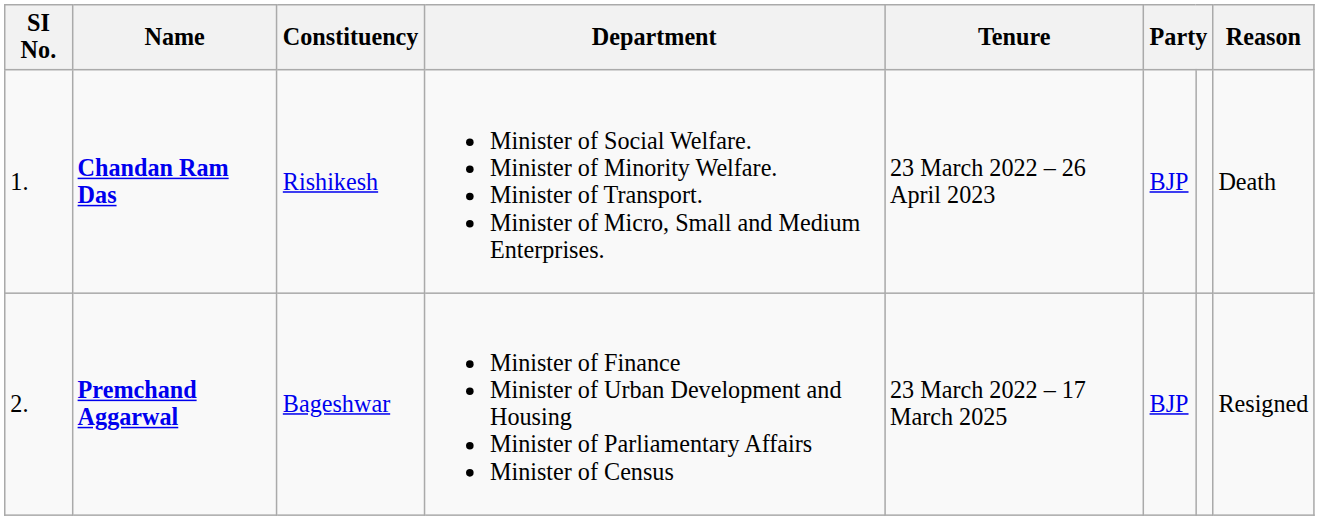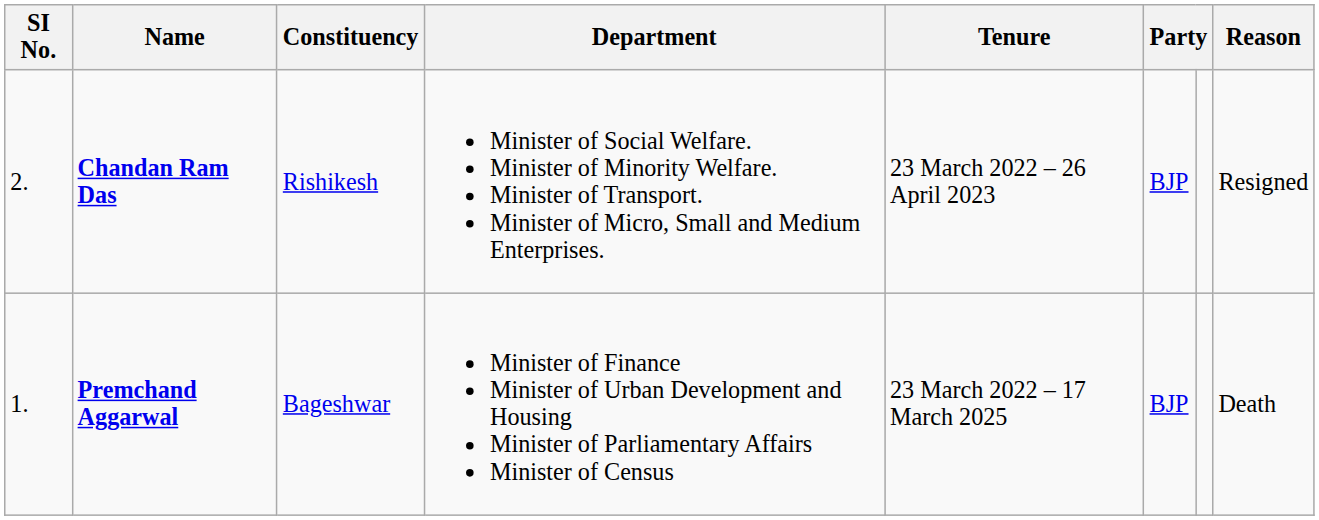 <table class = "wikitable">
 <tr>
 <th>SI No.</th>
 <th>Name</th>
 <th>Constituency</th>
 <th>Department</th>
 <th>Tenure</th>
 <th colspan="2" scope="col">Party</th>
 <th>Reason</th>
 </tr>
 <tr>
-<td>1.</td>
+<td>2.</td>
 <td><strong><a href='#'>Chandan Ram Das</a></strong></td>
 <td><a href='#'>Rishikesh</a></td>
 <td><br><ul><li>Minister of Social Welfare.</li><li>Minister of Minority Welfare.</li><li>Minister of Transport.</li><li>Minister of Micro, Small and Medium Enterprises.</li></ul></td>
 <td>23 March 2022 – 26 April 2023</td>
 <td><a href='#'>BJP</a></td>
 <td width="4px" style="background-color: "></td>
-<td>Death</td>
+<td>Resigned</td>
 </tr>
 <tr>
-<td>2.</td>
+<td>1.</td>
 <td><strong><a href='#'>Premchand Aggarwal</a></strong></td>
 <td><a href='#'>Bageshwar</a></td>
 <td><br><ul><li>Minister of Finance</li><li>Minister of Urban Development and Housing</li><li>Minister of Parliamentary Affairs</li><li>Minister of Census</li></ul></td>
 <td>23 March 2022 – 17 March 2025</td>
 <td><a href='#'>BJP</a></td>
 <td width="4px" style="background-color: "></td>
-<td>Resigned</td>
+<td>Death</td>
 </tr>
 </table>
